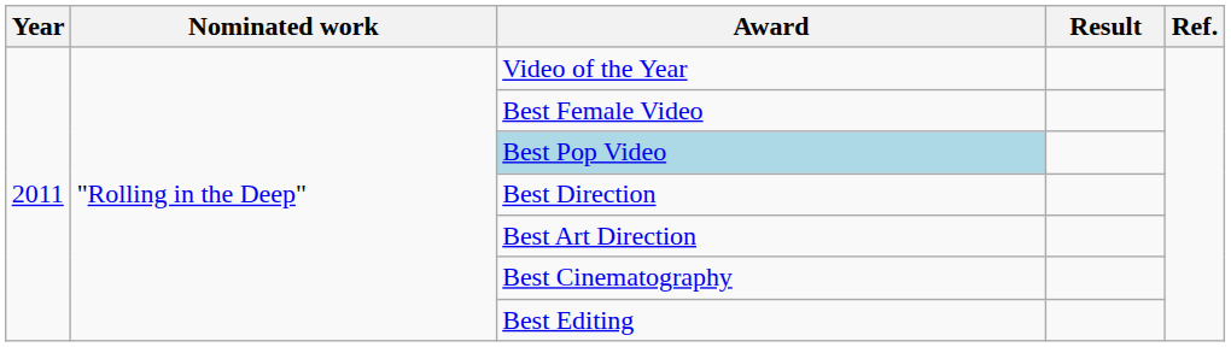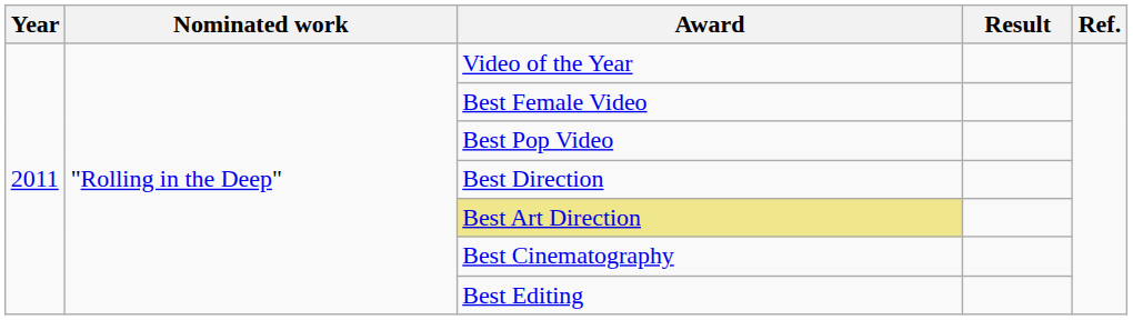 <table class="wikitable">
 <tr>
 <th>Year</th>
 <th width="250">Nominated work</th>
 <th width="325">Award</th>
 <th width="65">Result</th>
 <th>Ref.</th>
 </tr>
 <tr>
 <td rowspan="7"><a href='#'>2011</a></td>
 <td rowspan="7">"<a href='#'>Rolling in the Deep</a>"</td>
 <td><a href='#'>Video of the Year</a></td>
 <td></td>
 <td rowspan="7"></td>
 </tr>
 <tr>
 <td><a href='#'>Best Female Video</a></td>
 <td></td>
 </tr>
 <tr>
-<td style="background: lightblue;"><a href='#'>Best Pop Video</a></td>
+<td><a href='#'>Best Pop Video</a></td>
 <td></td>
 </tr>
 <tr>
 <td><a href='#'>Best Direction</a></td>
 <td></td>
 </tr>
 <tr>
-<td><a href='#'>Best Art Direction</a></td>
+<td style="background: khaki;"><a href='#'>Best Art Direction</a></td>
 <td></td>
 </tr>
 <tr>
 <td><a href='#'>Best Cinematography</a></td>
 <td></td>
 </tr>
 <tr>
 <td><a href='#'>Best Editing</a></td>
 <td></td>
 </tr>
 </table>
